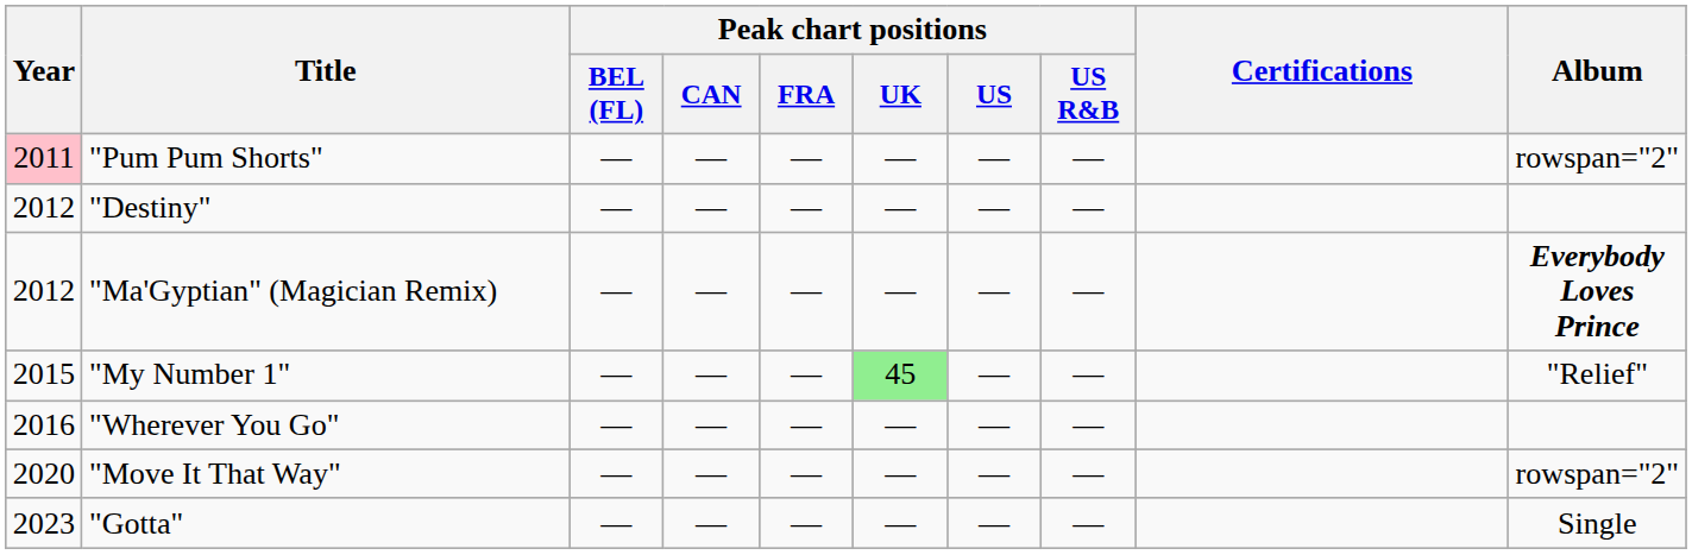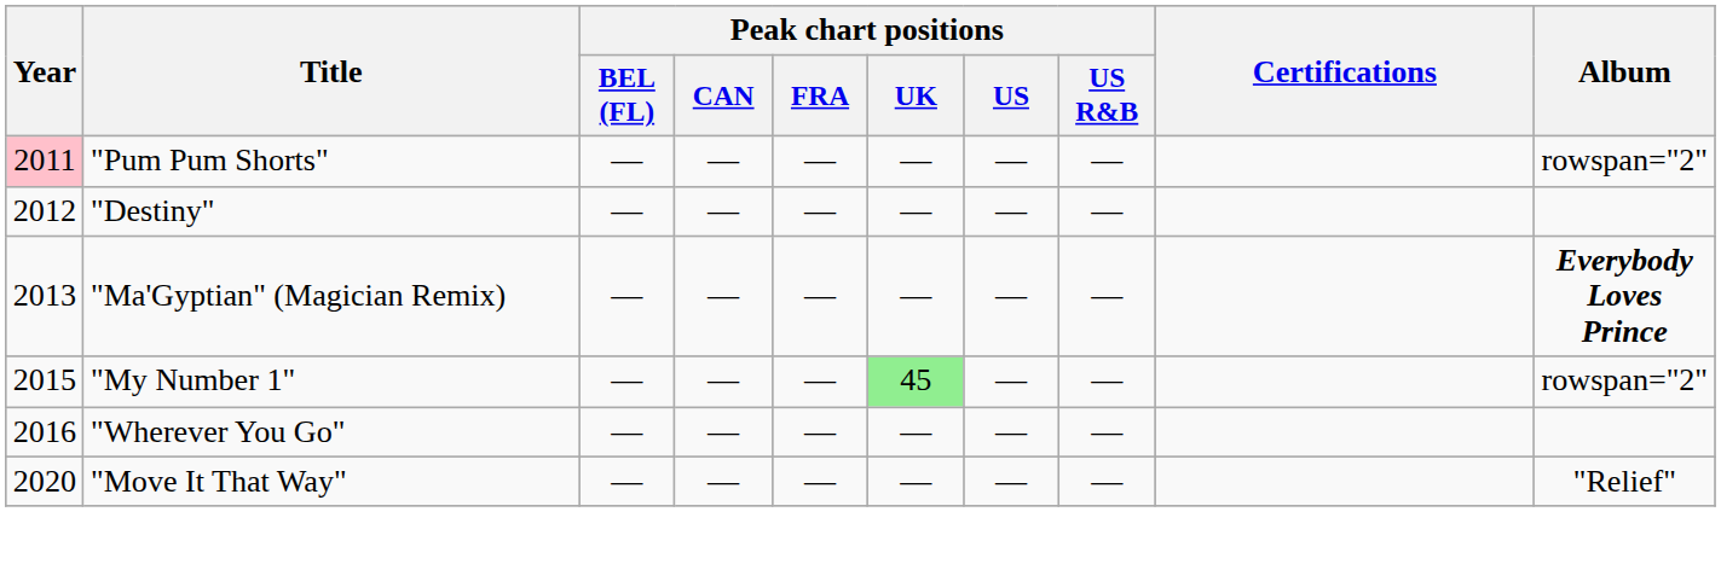 <table class="wikitable" style="text-align:center;">
 <tr>
 <th scope="col" rowspan="2">Year</th>
 <th scope="col" rowspan="2" style="width:16em;">Title</th>
 <th scope="col" colspan="6">Peak chart positions</th>
 <th scope="col" rowspan="2" style="width:12em;"><a href='#'>Certifications</a></th>
 <th scope="col" rowspan="2">Album</th>
 </tr>
 <tr>
 <th scope="col" style="width:3em;font-size:90%;"><a href='#'>BEL<br>(FL)</a></th>
 <th scope="col" style="width:3em;font-size:90%;"><a href='#'>CAN</a><br></th>
 <th scope="col" style="width:3em;font-size:90%;"><a href='#'>FRA</a><br></th>
 <th scope="col" style="width:3em;font-size:90%;"><a href='#'>UK</a></th>
 <th scope="col" style="width:3em;font-size:90%;"><a href='#'>US</a><br></th>
 <th scope="col" style="width:3em;font-size:90%;"><a href='#'>US R&B</a><br></th>
 </tr>
 <tr>
 <td style="background: pink;">2011</td>
 <td align="left">"Pum Pum Shorts" <br> </td>
 <td>—</td>
 <td>—</td>
 <td>—</td>
 <td>—</td>
 <td>—</td>
 <td>—</td>
 <td></td>
 <td>rowspan="2" </td>
 </tr>
 <tr>
 <td>2012</td>
 <td align="left">"Destiny" <br> </td>
 <td>—</td>
 <td>—</td>
 <td>—</td>
 <td>—</td>
 <td>—</td>
 <td>—</td>
 <td></td>
 </tr>
 <tr>
-<td>2012</td>
+<td>2013</td>
 <td align="left">"Ma'Gyptian" (Magician Remix) <br> </td>
 <td>—</td>
 <td>—</td>
 <td>—</td>
 <td>—</td>
 <td>—</td>
 <td>—</td>
 <td></td>
 <td><strong><em>Everybody Loves Prince</em></strong></td>
 </tr>
 <tr>
 <td>2015</td>
 <td align="left">"My Number 1" <br> </td>
 <td>—</td>
 <td>—</td>
 <td>—</td>
 <td style="background: lightgreen;">45</td>
 <td>—</td>
 <td>—</td>
 <td></td>
-<td>"Relief"</td>
+<td>rowspan="2" </td>
 </tr>
 <tr>
 <td>2016</td>
 <td align="left">"Wherever You Go" <br> </td>
 <td>—</td>
 <td>—</td>
 <td>—</td>
 <td>—</td>
 <td>—</td>
 <td>—</td>
 <td></td>
 </tr>
 <tr>
 <td>2020</td>
 <td align="left">"Move It That Way" <br> </td>
 <td>—</td>
 <td>—</td>
 <td>—</td>
 <td>—</td>
 <td>—</td>
 <td>—</td>
 <td></td>
-<td>rowspan="2" </td>
-</tr>
-<tr>
-<td>2023</td>
-<td align="left">"Gotta" <br> </td>
-<td>—</td>
-<td>—</td>
-<td>—</td>
-<td>—</td>
-<td>—</td>
-<td>—</td>
-<td></td>
-<td>Single</td>
+<td>"Relief"</td>
 </tr>
 </table>
